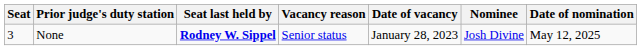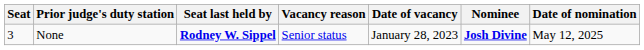 <table class=wikitable>
 <tr>
 <th>Seat</th>
 <th>Prior judge's duty station</th>
 <th>Seat last held by</th>
 <th>Vacancy reason</th>
 <th>Date of vacancy</th>
 <th>Nominee</th>
 <th>Date of nomination</th>
 </tr>
 <tr>
 <td>3</td>
 <td>None</td>
 <td><strong><a href='#'>Rodney W. Sippel</a></strong></td>
 <td><a href='#'>Senior status</a></td>
 <td>January 28, 2023</td>
-<td><a href='#'>Josh Divine</a></td>
+<td><strong><a href='#'>Josh Divine</a></strong></td>
 <td rowspan=4>May 12, 2025</td>
 </tr>
 </table>
